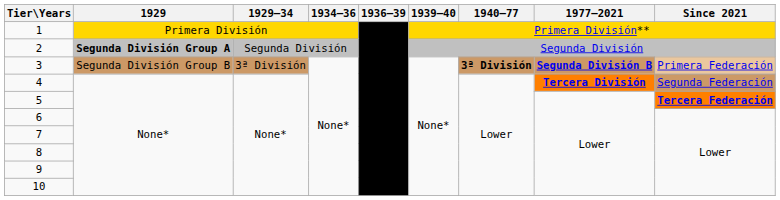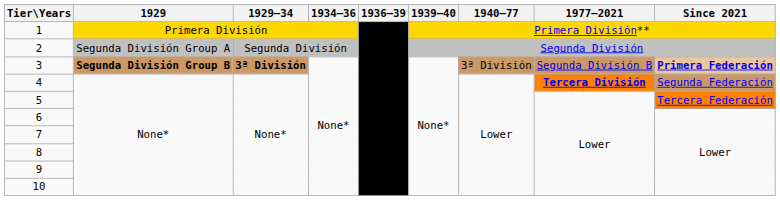 <table class="wikitable" style="text-align: center;">
 <tr>
 <th>Tier\Years</th>
 <th>1929</th>
 <th>1929–34</th>
 <th>1934–36</th>
 <th>1936–39</th>
 <th>1939–40</th>
 <th>1940–77</th>
 <th>1977–2021</th>
 <th>Since 2021</th>
 </tr>
 <tr>
 <td>1</td>
 <td colspan=3 bgcolor=gold>Primera División</td>
 <td rowspan=10 bgcolor=black></td>
 <td colspan="4" bgcolor="gold"><a href='#'>Primera División</a>**</td>
 </tr>
 <tr>
 <td>2</td>
-<td bgcolor=silver><strong>Segunda División Group A</strong></td>
+<td bgcolor=silver>Segunda División Group A</td>
 <td colspan=2 bgcolor=silver>Segunda División</td>
 <td colspan="4" bgcolor="silver"><a href='#'>Segunda División</a></td>
 </tr>
 <tr>
 <td>3</td>
-<td bgcolor=#cc9966>Segunda División Group B</td>
-<td bgcolor=#cc9966>3ª División</td>
+<td bgcolor=#cc9966><strong>Segunda División Group B</strong></td>
+<td bgcolor=#cc9966><strong>3ª División</strong></td>
 <td rowspan=8>None*</td>
 <td rowspan=8>None*</td>
-<td bgcolor=#cc9966><strong>3ª División</strong></td>
-<td bgcolor="#cc9966"><strong><a href='#'>Segunda División B</a></strong></td>
-<td bgcolor=#ebc79e><a href='#'>Primera Federación</a></td>
+<td bgcolor=#cc9966>3ª División</td>
+<td bgcolor="#cc9966"><a href='#'>Segunda División B</a></td>
+<td bgcolor=#ebc79e><strong><a href='#'>Primera Federación</a></strong></td>
 </tr>
 <tr>
 <td>4</td>
 <td rowspan=7>None*</td>
 <td rowspan=7>None*</td>
 <td rowspan=7>Lower</td>
 <td bgcolor="#ff7f00"><strong><a href='#'>Tercera División</a></strong></td>
 <td bgcolor=#cc9966><a href='#'>Segunda Federación</a></td>
 </tr>
 <tr>
 <td>5</td>
 <td rowspan=6>Lower</td>
-<td bgcolor=#FF7F00><strong><a href='#'>Tercera Federación</a></strong></td>
+<td bgcolor=#FF7F00><a href='#'>Tercera Federación</a></td>
 </tr>
 <tr>
 <td>6</td>
 <td rowspan=8>Lower</td>
 </tr>
 <tr>
 <td>7</td>
 </tr>
 <tr>
 <td>8</td>
 </tr>
 <tr>
 <td>9</td>
 </tr>
 <tr>
 <td>10</td>
 </tr>
 </table>
